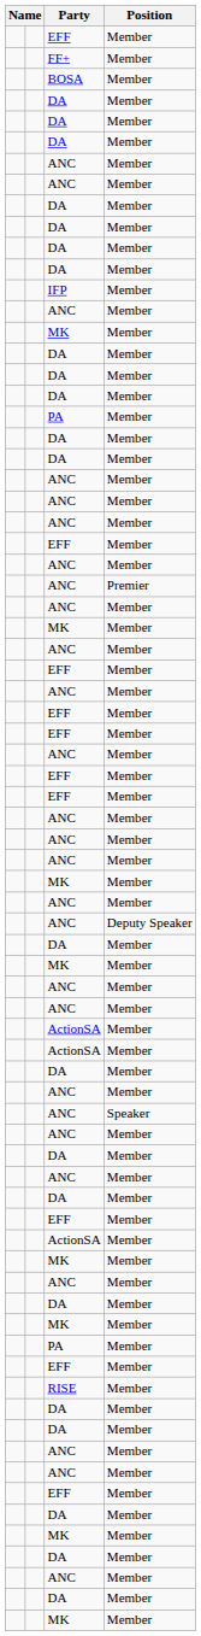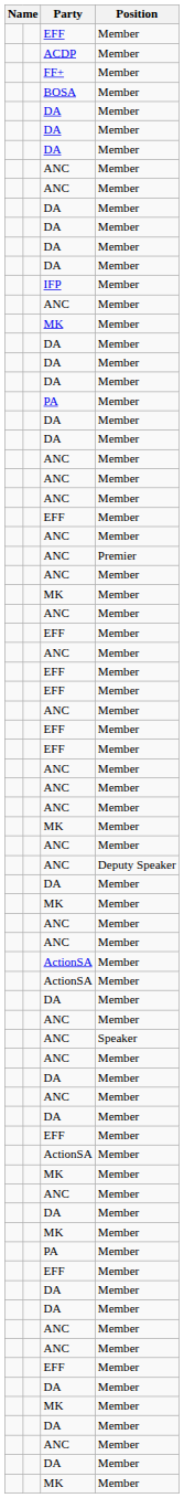 <table class="wikitable sortable">
 <tr>
 <th colspan=2>Name</th>
 <th>Party</th>
 <th>Position</th>
 </tr>
 <tr>
 <td style="background-color: "></td>
 <td></td>
 <td><a href='#'>EFF</a></td>
+<td>Member</td>
+</tr>
+<tr>
+<td style="background-color: "></td>
+<td></td>
+<td><a href='#'>ACDP</a></td>
 <td>Member</td>
 </tr>
 <tr>
 <td style="background-color: "></td>
 <td></td>
 <td><a href='#'>FF+</a></td>
 <td>Member</td>
 </tr>
 <tr>
 <td style="background-color: "></td>
 <td></td>
 <td><a href='#'>BOSA</a></td>
 <td>Member</td>
 </tr>
 <tr>
 <td style="background-color: "></td>
 <td></td>
 <td><a href='#'>DA</a></td>
 <td>Member</td>
 </tr>
 <tr>
 <td style="background-color: "></td>
 <td></td>
 <td><a href='#'>DA</a></td>
 <td>Member</td>
 </tr>
 <tr>
 <td style="background-color: "></td>
 <td></td>
 <td><a href='#'>DA</a></td>
 <td>Member</td>
 </tr>
 <tr>
 <td style="background-color: "></td>
 <td></td>
 <td>ANC</td>
 <td>Member</td>
 </tr>
 <tr>
 <td style="background-color: "></td>
 <td></td>
 <td>ANC</td>
 <td>Member</td>
 </tr>
 <tr>
 <td style="background-color: "></td>
 <td></td>
 <td>DA</td>
 <td>Member</td>
 </tr>
 <tr>
 <td style="background-color: "></td>
 <td></td>
 <td>DA</td>
 <td>Member</td>
 </tr>
 <tr>
 <td style="background-color: "></td>
 <td></td>
 <td>DA</td>
 <td>Member</td>
 </tr>
 <tr>
 <td style="background-color: "></td>
 <td></td>
 <td>DA</td>
 <td>Member</td>
 </tr>
 <tr>
 <td style="background-color: "></td>
 <td></td>
 <td><a href='#'>IFP</a></td>
 <td>Member</td>
 </tr>
 <tr>
 <td style="background-color: "></td>
 <td></td>
 <td>ANC</td>
 <td>Member</td>
 </tr>
 <tr>
 <td style="background-color: "></td>
 <td></td>
 <td><a href='#'>MK</a></td>
 <td>Member</td>
 </tr>
 <tr>
 <td style="background-color: "></td>
 <td></td>
 <td>DA</td>
 <td>Member</td>
 </tr>
 <tr>
 <td style="background-color: "></td>
 <td></td>
 <td>DA</td>
 <td>Member</td>
 </tr>
 <tr>
 <td style="background-color: "></td>
 <td></td>
 <td>DA</td>
 <td>Member</td>
 </tr>
 <tr>
 <td style="background-color: "></td>
 <td></td>
 <td><a href='#'>PA</a></td>
 <td>Member</td>
 </tr>
 <tr>
 <td style="background-color: "></td>
 <td></td>
 <td>DA</td>
 <td>Member</td>
 </tr>
 <tr>
 <td style="background-color: "></td>
 <td></td>
 <td>DA</td>
 <td>Member</td>
 </tr>
 <tr>
 <td style="background-color: "></td>
 <td></td>
 <td>ANC</td>
 <td>Member</td>
 </tr>
 <tr>
 <td style="background-color: "></td>
 <td></td>
 <td>ANC</td>
 <td>Member</td>
 </tr>
 <tr>
 <td style="background-color: "></td>
 <td></td>
 <td>ANC</td>
 <td>Member</td>
 </tr>
 <tr>
 <td style="background-color: "></td>
 <td></td>
 <td>EFF</td>
 <td>Member</td>
 </tr>
 <tr>
 <td style="background-color: "></td>
 <td></td>
 <td>ANC</td>
 <td>Member</td>
 </tr>
 <tr>
 <td style="background-color: "></td>
 <td></td>
 <td>ANC</td>
 <td>Premier</td>
 </tr>
 <tr>
 <td style="background-color: "></td>
 <td></td>
 <td>ANC</td>
 <td>Member</td>
 </tr>
 <tr>
 <td style="background-color: "></td>
 <td></td>
 <td>MK</td>
 <td>Member</td>
 </tr>
 <tr>
 <td style="background-color: "></td>
 <td></td>
 <td>ANC</td>
 <td>Member</td>
 </tr>
 <tr>
 <td style="background-color: "></td>
 <td></td>
 <td>EFF</td>
 <td>Member</td>
 </tr>
 <tr>
 <td style="background-color: "></td>
 <td></td>
 <td>ANC</td>
 <td>Member</td>
 </tr>
 <tr>
 <td style="background-color: "></td>
 <td></td>
 <td>EFF</td>
 <td>Member</td>
 </tr>
 <tr>
 <td style="background-color: "></td>
 <td></td>
 <td>EFF</td>
 <td>Member</td>
 </tr>
 <tr>
 <td style="background-color: "></td>
 <td></td>
 <td>ANC</td>
 <td>Member</td>
 </tr>
 <tr>
 <td style="background-color: "></td>
 <td></td>
 <td>EFF</td>
 <td>Member</td>
 </tr>
 <tr>
 <td style="background-color: "></td>
 <td></td>
 <td>EFF</td>
 <td>Member</td>
 </tr>
 <tr>
 <td style="background-color: "></td>
 <td></td>
 <td>ANC</td>
 <td>Member</td>
 </tr>
 <tr>
 <td style="background-color: "></td>
 <td></td>
 <td>ANC</td>
 <td>Member</td>
 </tr>
 <tr>
 <td style="background-color: "></td>
 <td></td>
 <td>ANC</td>
 <td>Member</td>
 </tr>
 <tr>
 <td style="background-color: "></td>
 <td></td>
 <td>MK</td>
 <td>Member</td>
 </tr>
 <tr>
 <td style="background-color: "></td>
 <td></td>
 <td>ANC</td>
 <td>Member</td>
 </tr>
 <tr>
 <td style="background-color: "></td>
 <td></td>
 <td>ANC</td>
 <td>Deputy Speaker</td>
 </tr>
 <tr>
 <td style="background-color: "></td>
 <td></td>
 <td>DA</td>
 <td>Member</td>
 </tr>
 <tr>
 <td style="background-color: "></td>
 <td></td>
 <td>MK</td>
 <td>Member</td>
 </tr>
 <tr>
 <td style="background-color: "></td>
 <td></td>
 <td>ANC</td>
 <td>Member</td>
 </tr>
 <tr>
 <td style="background-color: "></td>
 <td></td>
 <td>ANC</td>
 <td>Member</td>
 </tr>
 <tr>
 <td style="background-color: "></td>
 <td></td>
 <td><a href='#'>ActionSA</a></td>
 <td>Member</td>
 </tr>
 <tr>
 <td style="background-color: "></td>
 <td></td>
 <td>ActionSA</td>
 <td>Member</td>
 </tr>
 <tr>
 <td style="background-color: "></td>
 <td></td>
 <td>DA</td>
 <td>Member</td>
 </tr>
 <tr>
 <td style="background-color: "></td>
 <td></td>
 <td>ANC</td>
 <td>Member</td>
 </tr>
 <tr>
 <td style="background-color: "></td>
 <td></td>
 <td>ANC</td>
 <td>Speaker</td>
 </tr>
 <tr>
 <td style="background-color: "></td>
 <td></td>
 <td>ANC</td>
 <td>Member</td>
 </tr>
 <tr>
 <td style="background-color: "></td>
 <td></td>
 <td>DA</td>
 <td>Member</td>
 </tr>
 <tr>
 <td style="background-color: "></td>
 <td></td>
 <td>ANC</td>
 <td>Member</td>
 </tr>
 <tr>
 <td style="background-color: "></td>
 <td></td>
 <td>DA</td>
 <td>Member</td>
 </tr>
 <tr>
 <td style="background-color: "></td>
 <td></td>
 <td>EFF</td>
 <td>Member</td>
 </tr>
 <tr>
 <td style="background-color: "></td>
 <td></td>
 <td>ActionSA</td>
 <td>Member</td>
 </tr>
 <tr>
 <td style="background-color: "></td>
 <td></td>
 <td>MK</td>
 <td>Member</td>
 </tr>
 <tr>
 <td style="background-color: "></td>
 <td></td>
 <td>ANC</td>
 <td>Member</td>
 </tr>
 <tr>
 <td style="background-color: "></td>
 <td></td>
 <td>DA</td>
 <td>Member</td>
 </tr>
 <tr>
 <td style="background-color: "></td>
 <td></td>
 <td>MK</td>
 <td>Member</td>
 </tr>
 <tr>
 <td style="background-color: "></td>
 <td></td>
 <td>PA</td>
 <td>Member</td>
 </tr>
 <tr>
 <td style="background-color: "></td>
 <td></td>
 <td>EFF</td>
 <td>Member</td>
 </tr>
 <tr>
 <td style="background-color: "></td>
 <td></td>
-<td><a href='#'>RISE</a></td>
-<td>Member</td>
-</tr>
-<tr>
-<td style="background-color: "></td>
-<td></td>
 <td>DA</td>
 <td>Member</td>
 </tr>
 <tr>
 <td style="background-color: "></td>
 <td></td>
 <td>DA</td>
 <td>Member</td>
 </tr>
 <tr>
 <td style="background-color: "></td>
 <td></td>
 <td>ANC</td>
 <td>Member</td>
 </tr>
 <tr>
 <td style="background-color: "></td>
 <td></td>
 <td>ANC</td>
 <td>Member</td>
 </tr>
 <tr>
 <td style="background-color: "></td>
 <td></td>
 <td>EFF</td>
 <td>Member</td>
 </tr>
 <tr>
 <td style="background-color: "></td>
 <td></td>
 <td>DA</td>
 <td>Member</td>
 </tr>
 <tr>
 <td style="background-color: "></td>
 <td></td>
 <td>MK</td>
 <td>Member</td>
 </tr>
 <tr>
 <td style="background-color: "></td>
 <td></td>
 <td>DA</td>
 <td>Member</td>
 </tr>
 <tr>
 <td style="background-color: "></td>
 <td></td>
 <td>ANC</td>
 <td>Member</td>
 </tr>
 <tr>
 <td style="background-color: "></td>
 <td></td>
 <td>DA</td>
 <td>Member</td>
 </tr>
 <tr>
 <td style="background-color: "></td>
 <td></td>
 <td>MK</td>
 <td>Member</td>
 </tr>
 </table>
